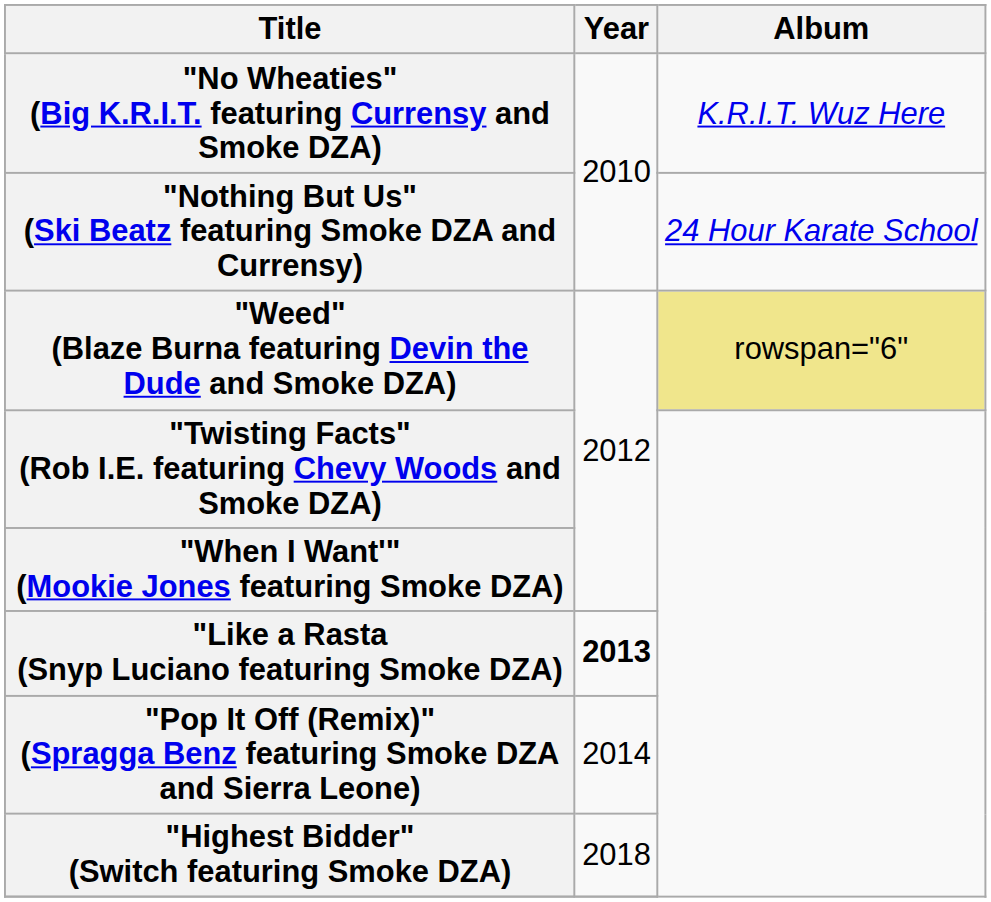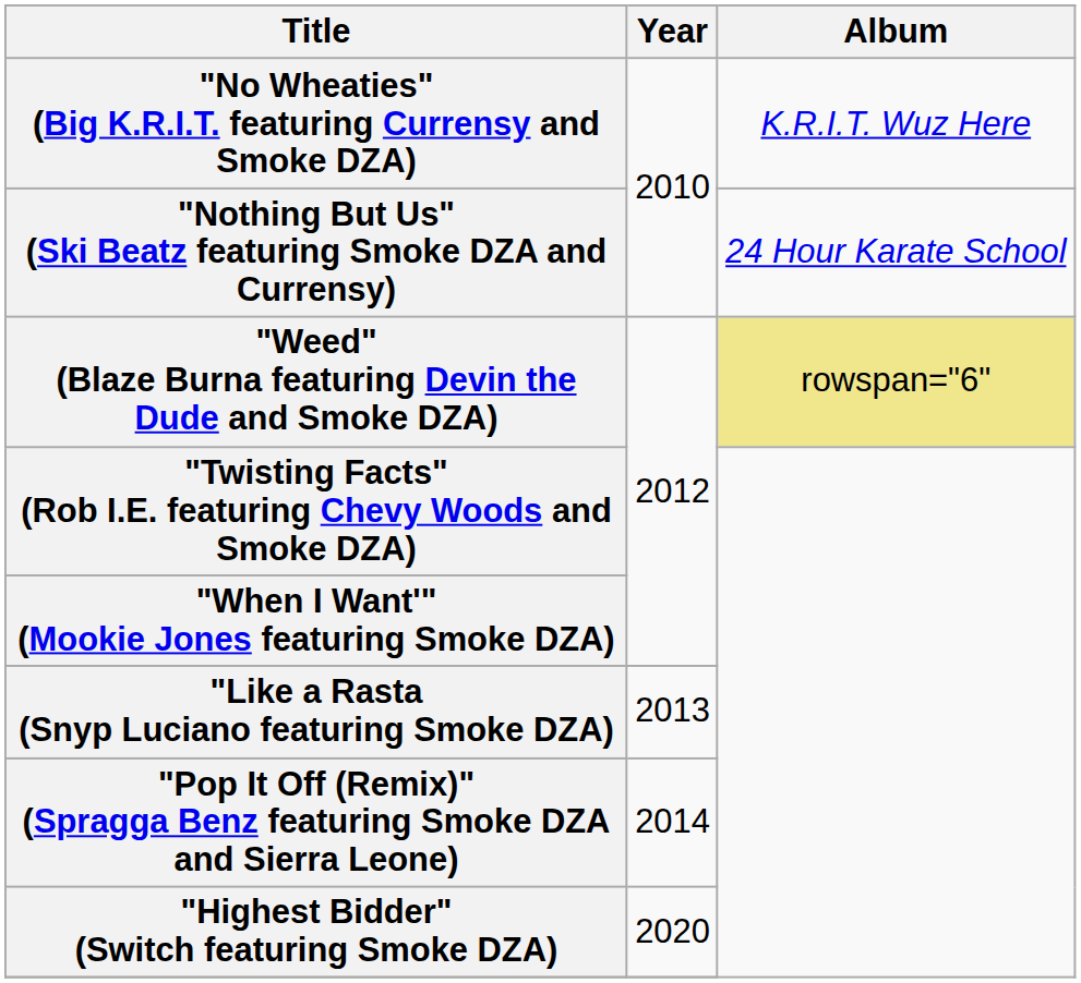 <table class="wikitable plainrowheaders" style="text-align:center;">
 <tr>
 <th scope="col" rowspan="1" style="width:18em;">Title</th>
 <th scope="col" rowspan="1">Year</th>
 <th scope="col" rowspan="1">Album</th>
 </tr>
 <tr>
 <th scope="row">"No Wheaties"<br><span>(<a href='#'>Big K.R.I.T.</a> featuring <a href='#'>Currensy</a> and Smoke DZA)</span></th>
 <td rowspan="2">2010</td>
 <td><em><a href='#'>K.R.I.T. Wuz Here</a></em></td>
 </tr>
 <tr>
 <th scope="row">"Nothing But Us"<br><span>(<a href='#'>Ski Beatz</a> featuring Smoke DZA and Currensy)</span></th>
 <td><em><a href='#'>24 Hour Karate School</a></em></td>
 </tr>
 <tr>
 <th scope="row">"Weed"<br><span>(Blaze Burna featuring <a href='#'>Devin the Dude</a> and Smoke DZA)</span></th>
 <td rowspan="3">2012</td>
 <td style="background: khaki;">rowspan="6" </td>
 </tr>
 <tr>
 <th scope="row">"Twisting Facts"<br><span>(Rob I.E. featuring <a href='#'>Chevy Woods</a> and Smoke DZA)</span></th>
 </tr>
 <tr>
 <th scope="row">"When I Want'"<br><span>(<a href='#'>Mookie Jones</a> featuring Smoke DZA)</span></th>
 </tr>
 <tr>
 <th scope="row">"Like a Rasta<br><span>(Snyp Luciano featuring Smoke DZA)</span></th>
-<td><strong>2013</strong></td>
+<td>2013</td>
 </tr>
 <tr>
 <th scope="row">"Pop It Off (Remix)"<br><span>(<a href='#'>Spragga Benz</a> featuring Smoke DZA and Sierra Leone)</span></th>
 <td>2014</td>
 </tr>
 <tr>
 <th scope="row">"Highest Bidder"<br><span>(Switch featuring Smoke DZA)</span></th>
-<td>2018</td>
+<td>2020</td>
 </tr>
 <tr>
 </tr>
 </table>
